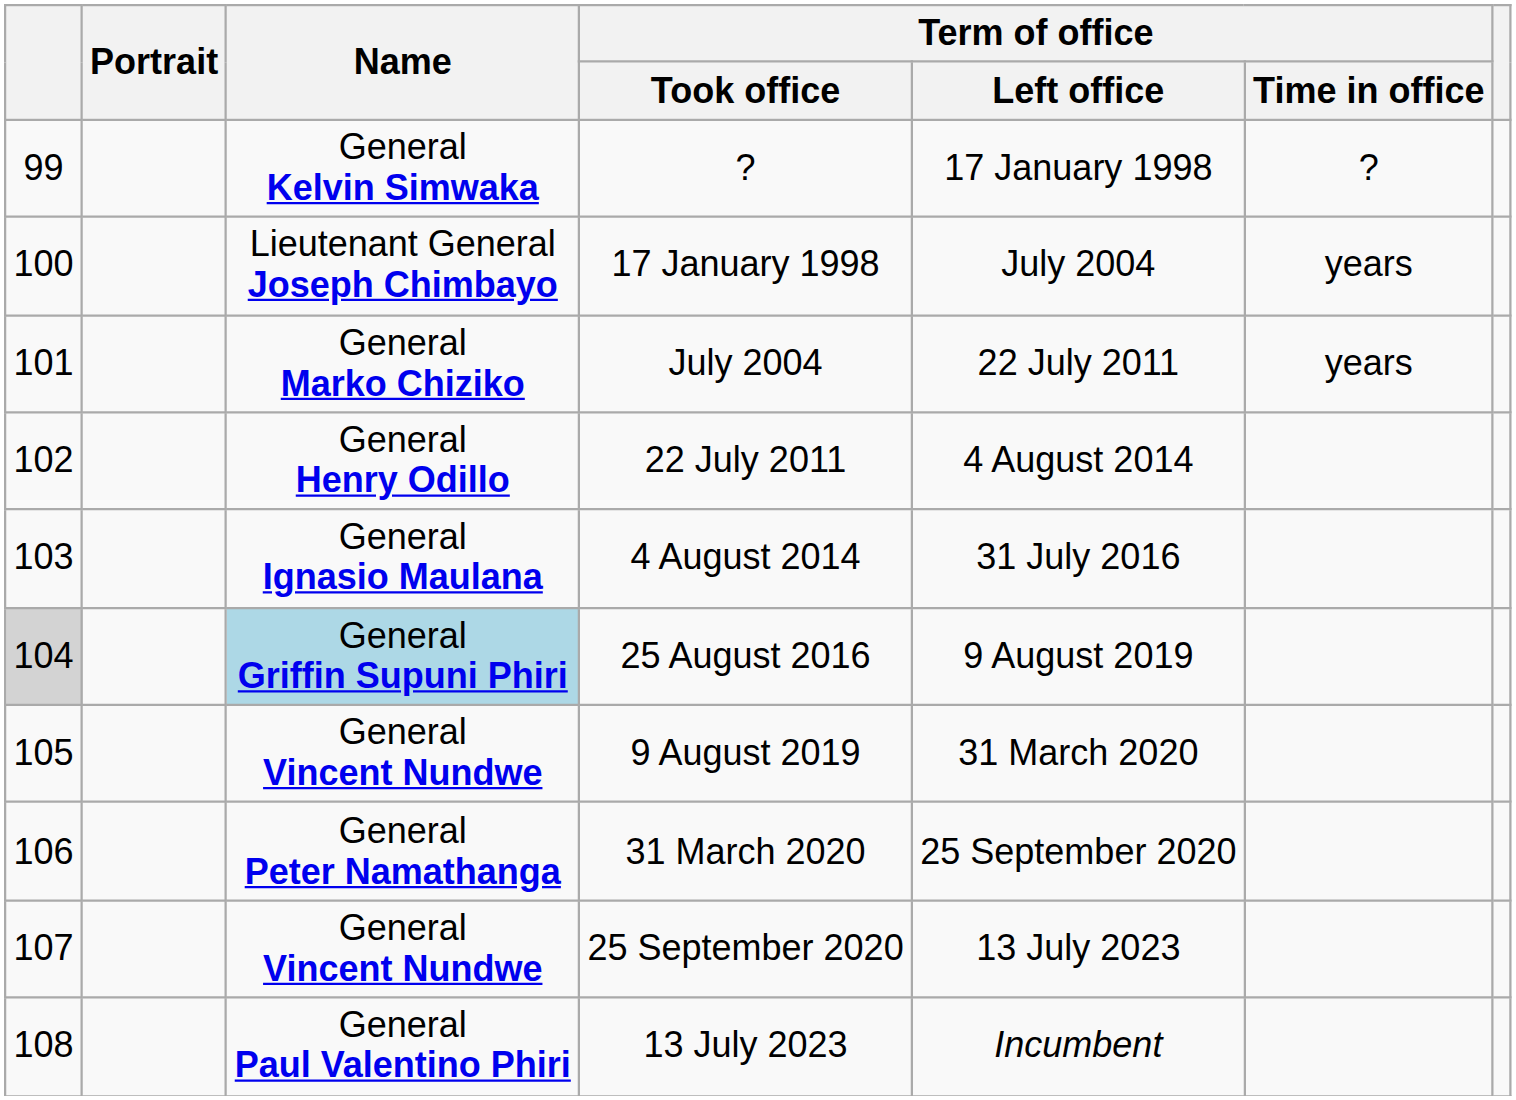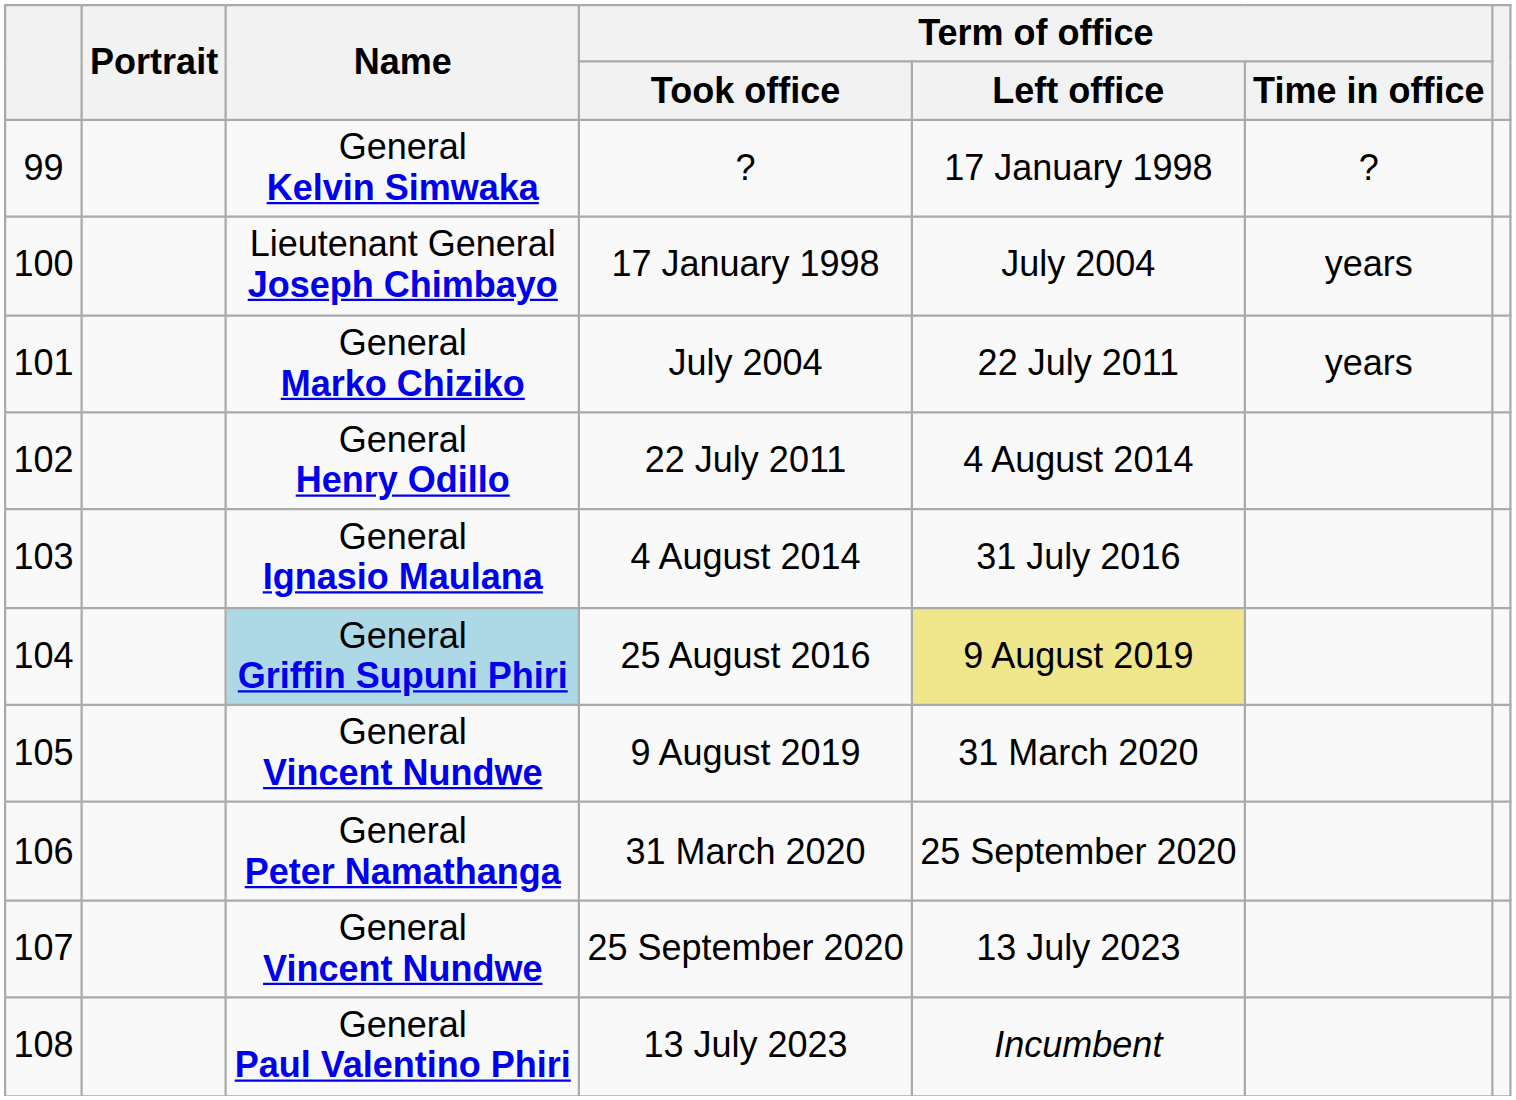 <table class="wikitable" style="text-align:center">
 <tr>
 <th rowspan=2></th>
 <th rowspan=2>Portrait</th>
 <th rowspan=2>Name<br></th>
 <th colspan=3>Term of office</th>
 <th rowspan=2></th>
 </tr>
 <tr>
 <th>Took office</th>
 <th>Left office</th>
 <th>Time in office</th>
 </tr>
 <tr>
 <td>99</td>
 <td></td>
 <td>General<br><strong><a href='#'>Kelvin Simwaka</a></strong><br></td>
 <td>?</td>
 <td>17 January 1998</td>
 <td>?</td>
 <td></td>
 </tr>
 <tr>
 <td>100</td>
 <td></td>
 <td>Lieutenant General<br><strong><a href='#'>Joseph Chimbayo</a></strong><br></td>
 <td>17 January 1998</td>
 <td>July 2004</td>
 <td> years</td>
 <td></td>
 </tr>
 <tr>
 <td>101</td>
 <td></td>
 <td>General<br><strong><a href='#'>Marko Chiziko</a></strong><br></td>
 <td>July 2004</td>
 <td>22 July 2011</td>
 <td> years</td>
 <td></td>
 </tr>
 <tr>
 <td>102</td>
 <td></td>
 <td>General<br><strong><a href='#'>Henry Odillo</a></strong><br></td>
 <td>22 July 2011</td>
 <td>4 August 2014</td>
 <td></td>
 <td></td>
 </tr>
 <tr>
 <td>103</td>
 <td></td>
 <td>General<br><strong><a href='#'>Ignasio Maulana</a></strong><br></td>
 <td>4 August 2014</td>
 <td>31 July 2016</td>
 <td></td>
 <td></td>
 </tr>
 <tr>
-<td style="background: lightgrey;">104</td>
+<td>104</td>
 <td></td>
 <td style="background: lightblue;">General<br><strong><a href='#'>Griffin Supuni Phiri</a></strong><br></td>
 <td>25 August 2016</td>
-<td>9 August 2019</td>
+<td style="background: khaki;">9 August 2019</td>
 <td></td>
 <td></td>
 </tr>
 <tr>
 <td>105</td>
 <td></td>
 <td>General<br><strong><a href='#'>Vincent Nundwe</a></strong><br></td>
 <td>9 August 2019</td>
 <td>31 March 2020</td>
 <td></td>
 <td></td>
 </tr>
 <tr>
 <td>106</td>
 <td></td>
 <td>General<br><strong><a href='#'>Peter Namathanga</a></strong><br></td>
 <td>31 March 2020</td>
 <td>25 September 2020</td>
 <td></td>
 <td></td>
 </tr>
 <tr>
 <td>107</td>
 <td></td>
 <td>General<br><strong><a href='#'>Vincent Nundwe</a></strong><br></td>
 <td>25 September 2020</td>
 <td>13 July 2023</td>
 <td></td>
 <td></td>
 </tr>
 <tr>
 <td>108</td>
 <td></td>
 <td>General<br><strong><a href='#'>Paul Valentino Phiri</a></strong><br></td>
 <td>13 July 2023</td>
 <td><em>Incumbent</em></td>
 <td></td>
 <td></td>
 </tr>
 </table>
